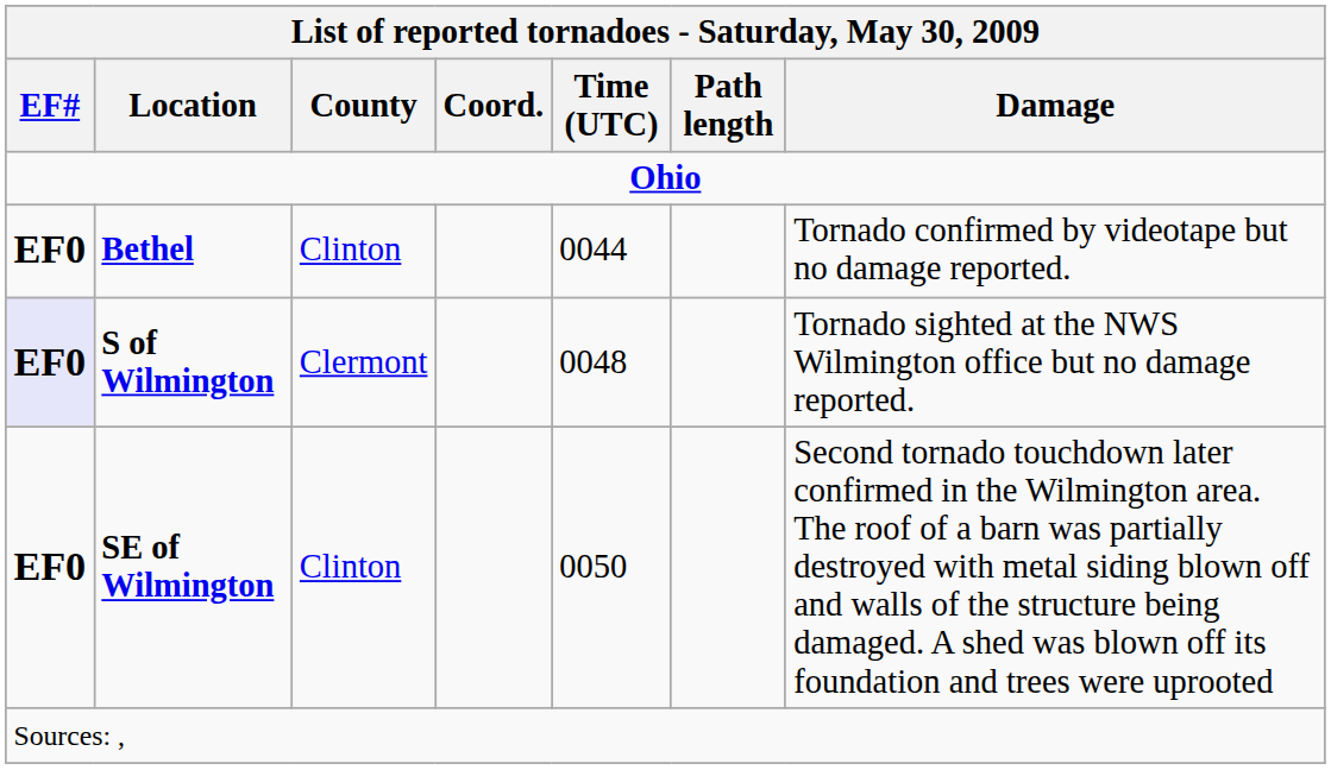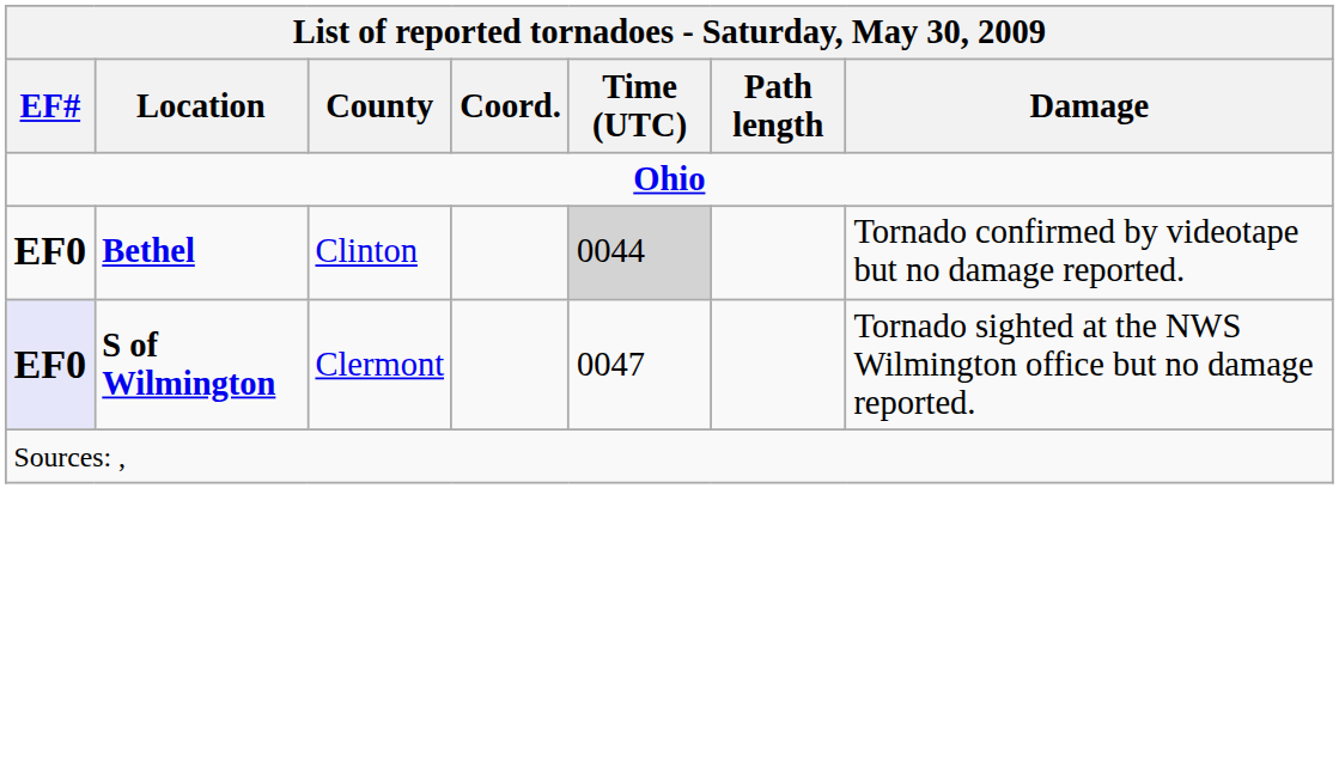 <table class="wikitable collapsible" width="100%">
 <tr>
 <th colspan="7">List of reported tornadoes - Saturday, May 30, 2009</th>
 </tr>
 <tr>
 <th><a href='#'>EF#</a></th>
 <th>Location</th>
 <th>County</th>
 <th>Coord.</th>
 <th>Time (UTC)</th>
 <th>Path length</th>
 <th>Damage</th>
 </tr>
 <tr>
 <td colspan="7" align=center><strong><a href='#'>Ohio</a></strong></td>
 </tr>
 <tr>
 <td><big><strong>EF0</strong></big></td>
 <td><strong><a href='#'>Bethel</a></strong></td>
 <td><a href='#'>Clinton</a></td>
 <td></td>
-<td>0044</td>
+<td style="background: lightgrey;">0044</td>
 <td></td>
 <td>Tornado confirmed by videotape but no damage reported.</td>
 </tr>
 <tr>
 <td style="background: lavender;"><big><strong>EF0</strong></big></td>
 <td><strong>S of <a href='#'>Wilmington</a></strong></td>
 <td><a href='#'>Clermont</a></td>
 <td></td>
-<td>0048</td>
+<td>0047</td>
 <td></td>
 <td>Tornado sighted at the NWS Wilmington office but no damage reported.</td>
-</tr>
-<tr>
-<td><big><strong>EF0</strong></big></td>
-<td><strong>SE of <a href='#'>Wilmington</a></strong></td>
-<td><a href='#'>Clinton</a></td>
-<td></td>
-<td>0050</td>
-<td></td>
-<td>Second tornado touchdown later confirmed in the Wilmington area. The roof of a barn was partially destroyed with metal siding blown off and walls of the structure being damaged. A shed was blown off its foundation and trees were uprooted</td>
 </tr>
 <tr>
 <td colspan="7"><small>Sources: , </small></td>
 </tr>
 </table>
